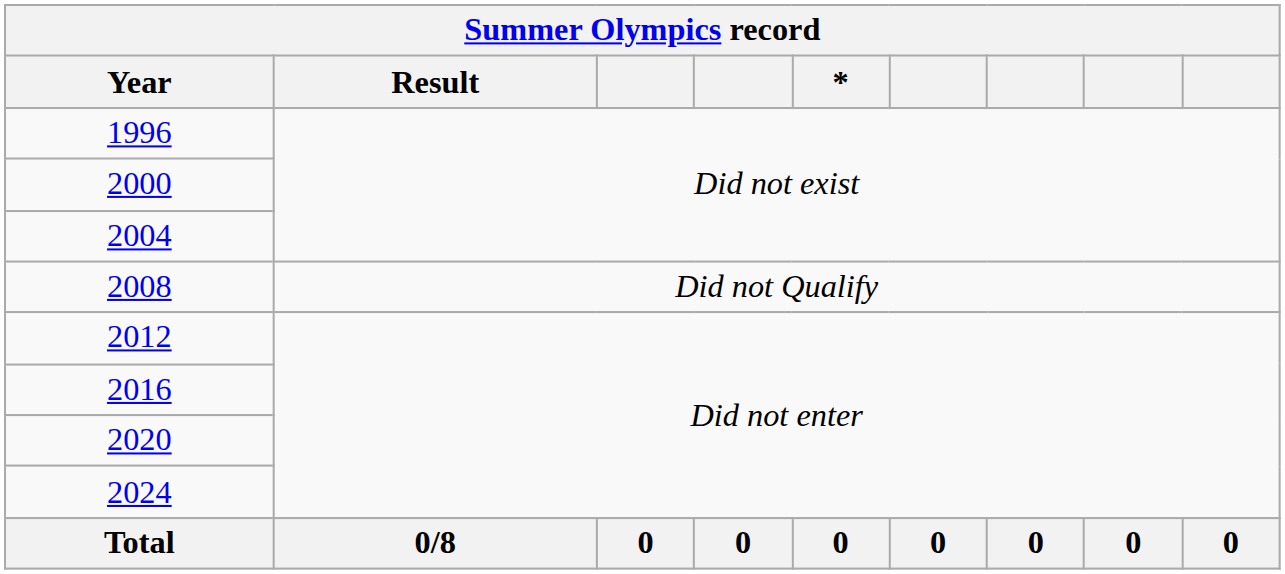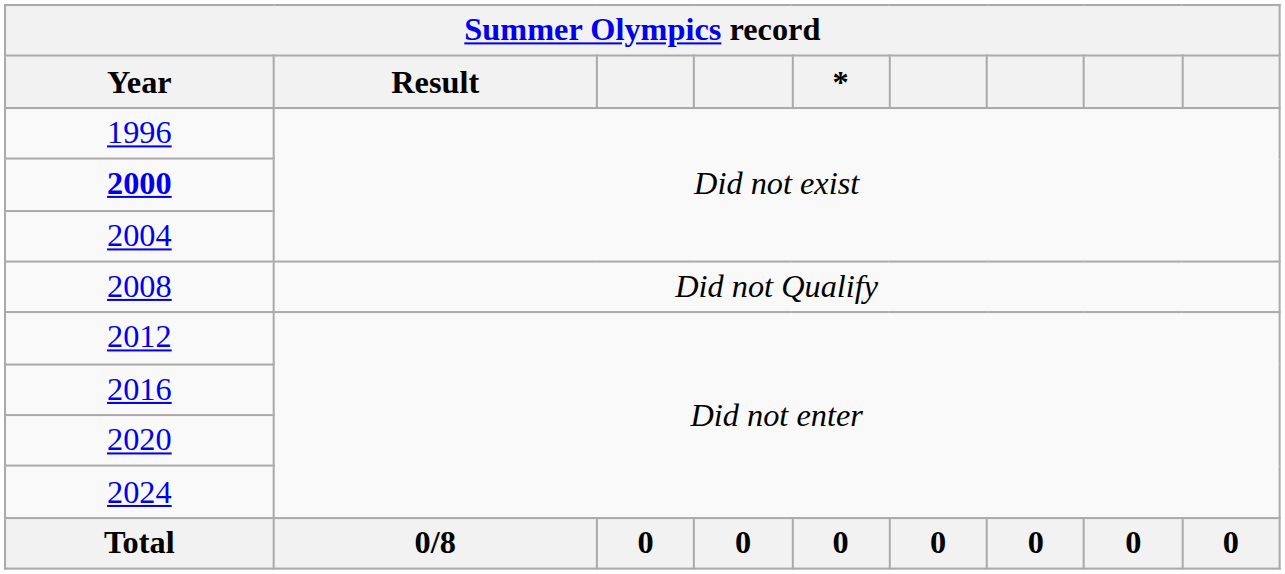 <table class="wikitable" style="text-align: center; width:50%;">
 <tr>
 <th colspan=10><a href='#'>Summer Olympics</a> record</th>
 </tr>
 <tr>
 <th>Year</th>
 <th>Result</th>
 <th></th>
 <th></th>
 <th>*</th>
 <th></th>
 <th></th>
 <th></th>
 <th></th>
 </tr>
 <tr>
 <td> <a href='#'>1996</a></td>
 <td colspan=8 rowspan=3><em>Did not exist</em></td>
 </tr>
 <tr>
-<td> <a href='#'>2000</a></td>
+<td><strong> <a href='#'>2000</a></strong></td>
 </tr>
 <tr>
 <td> <a href='#'>2004</a></td>
 </tr>
 <tr>
 <td> <a href='#'>2008</a></td>
 <td colspan=8><em>Did not Qualify</em></td>
 </tr>
 <tr>
 <td> <a href='#'>2012</a></td>
 <td colspan=8 rowspan=4><em>Did not enter</em></td>
 </tr>
 <tr>
 <td> <a href='#'>2016</a></td>
 </tr>
 <tr>
 <td> <a href='#'>2020</a></td>
 </tr>
 <tr>
 <td> <a href='#'>2024</a></td>
 </tr>
 <tr>
 <th>Total</th>
 <th>0/8</th>
 <th>0</th>
 <th>0</th>
 <th>0</th>
 <th>0</th>
 <th>0</th>
 <th>0</th>
 <th>0</th>
 </tr>
 </table>
